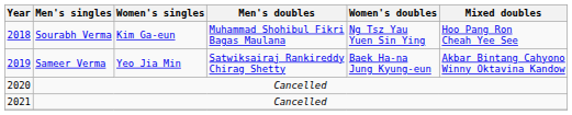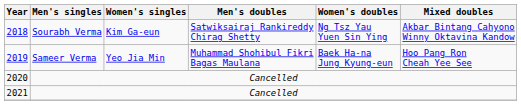 <table class=wikitable style="font-size:90%;">
 <tr>
 <th>Year</th>
 <th>Men's singles</th>
 <th>Women's singles</th>
 <th>Men's doubles</th>
 <th>Women's doubles</th>
 <th>Mixed doubles</th>
 </tr>
 <tr>
 <td><a href='#'>2018</a></td>
 <td> <a href='#'>Sourabh Verma</a></td>
 <td> <a href='#'>Kim Ga-eun</a></td>
-<td> <a href='#'>Muhammad Shohibul Fikri</a><br> <a href='#'>Bagas Maulana</a></td>
+<td> <a href='#'>Satwiksairaj Rankireddy</a><br> <a href='#'>Chirag Shetty</a></td>
 <td> <a href='#'>Ng Tsz Yau</a><br> <a href='#'>Yuen Sin Ying</a></td>
-<td> <a href='#'>Hoo Pang Ron</a><br> <a href='#'>Cheah Yee See</a></td>
+<td> <a href='#'>Akbar Bintang Cahyono</a><br> <a href='#'>Winny Oktavina Kandow</a></td>
 </tr>
 <tr>
 <td><a href='#'>2019</a></td>
 <td> <a href='#'>Sameer Verma</a></td>
 <td> <a href='#'>Yeo Jia Min</a></td>
-<td> <a href='#'>Satwiksairaj Rankireddy</a><br> <a href='#'>Chirag Shetty</a></td>
+<td> <a href='#'>Muhammad Shohibul Fikri</a><br> <a href='#'>Bagas Maulana</a></td>
 <td> <a href='#'>Baek Ha-na</a><br> <a href='#'>Jung Kyung-eun</a></td>
-<td> <a href='#'>Akbar Bintang Cahyono</a><br> <a href='#'>Winny Oktavina Kandow</a></td>
+<td> <a href='#'>Hoo Pang Ron</a><br> <a href='#'>Cheah Yee See</a></td>
 </tr>
 <tr>
 <td>2020</td>
 <td colspan="5" align="center"><em>Cancelled</em></td>
 </tr>
 <tr>
 <td>2021</td>
 <td colspan="5" align="center"><em>Cancelled</em></td>
 </tr>
 <tr>
 </tr>
 </table>
